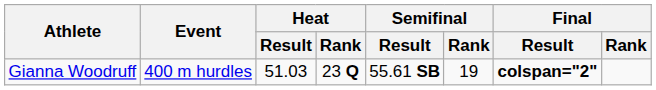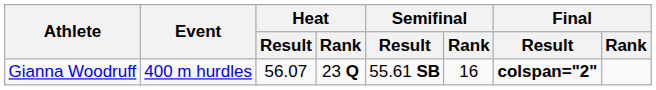 <table class="wikitable" style="font-size:90%">
 <tr>
 <th rowspan="2">Athlete</th>
 <th rowspan="2">Event</th>
 <th colspan="2">Heat</th>
 <th colspan="2">Semifinal</th>
 <th colspan="2">Final</th>
 </tr>
 <tr>
 <th>Result</th>
 <th>Rank</th>
 <th>Result</th>
 <th>Rank</th>
 <th>Result</th>
 <th>Rank</th>
 </tr>
 <tr style=text-align:center>
 <td style=text-align:left><a href='#'>Gianna Woodruff</a></td>
 <td style=text-align:left><a href='#'>400 m hurdles</a></td>
-<td>51.03</td>
+<td>56.07</td>
 <td>23 <strong>Q</strong></td>
 <td>55.61 <strong>SB</strong></td>
-<td>19</td>
+<td>16</td>
 <td><strong>colspan="2" </strong></td>
 </tr>
 </table>
